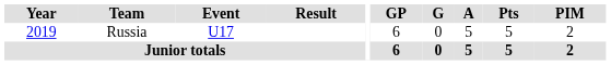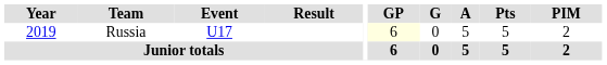 <table border="0" cellpadding="1" cellspacing="0" ID="Table3" style="text-align:center; width:40em">
 <tr bgcolor="#e0e0e0">
 <th>Year</th>
 <th>Team</th>
 <th>Event</th>
 <th>Result</th>
 <th rowspan="99" bgcolor="#ffffff"></th>
 <th>GP</th>
 <th>G</th>
 <th>A</th>
 <th>Pts</th>
 <th>PIM</th>
 </tr>
 <tr>
 <td><a href='#'>2019</a></td>
 <td>Russia</td>
 <td><a href='#'>U17</a></td>
 <td></td>
-<td>6</td>
+<td style="background: lightyellow;">6</td>
 <td>0</td>
 <td>5</td>
 <td>5</td>
 <td>2</td>
 </tr>
 <tr bgcolor="#e0e0e0">
 <th colspan="4">Junior totals</th>
 <th>6</th>
 <th>0</th>
 <th>5</th>
 <th>5</th>
 <th>2</th>
 </tr>
 </table>
